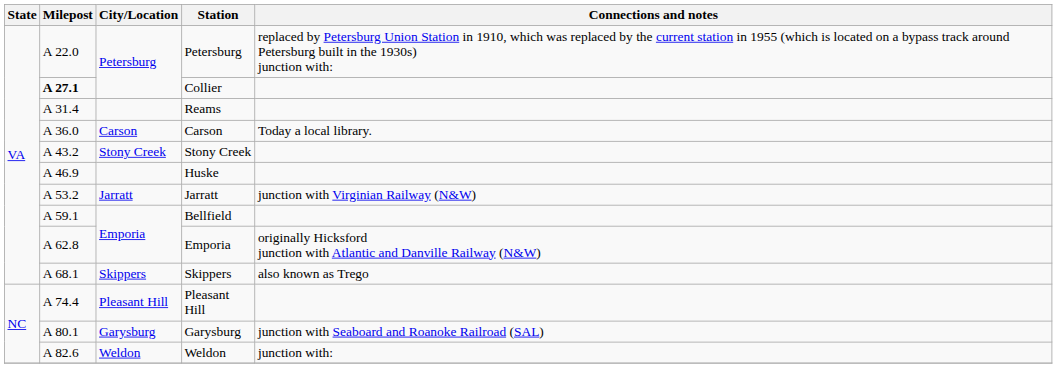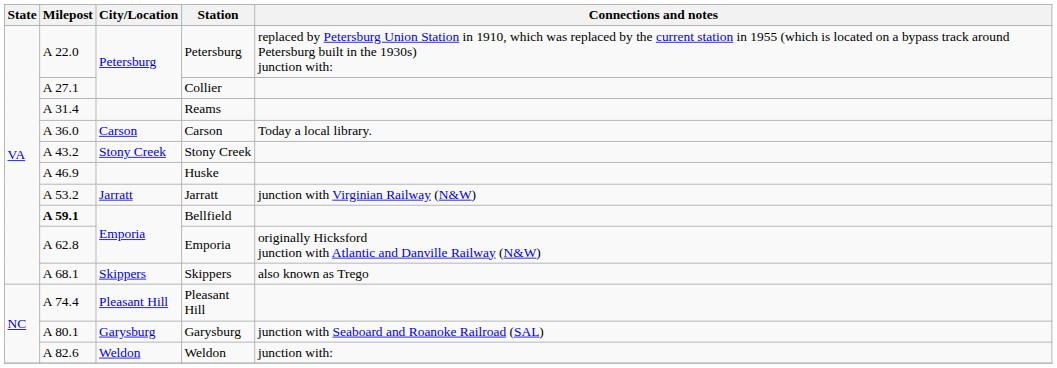 <table class="wikitable">
 <tr>
 <th>State</th>
 <th>Milepost</th>
 <th>City/Location</th>
 <th>Station</th>
 <th>Connections and notes</th>
 </tr>
 <tr>
 <td ! rowspan="10"><a href='#'>VA</a></td>
 <td>A 22.0</td>
 <td ! rowspan="2"><a href='#'>Petersburg</a></td>
 <td>Petersburg</td>
 <td>replaced by <a href='#'>Petersburg Union Station</a> in 1910, which was replaced by the <a href='#'>current station</a> in 1955 (which is located on a bypass track around Petersburg built in the 1930s)<br>junction with:</td>
 </tr>
 <tr>
-<td><strong>A 27.1</strong></td>
+<td>A 27.1</td>
 <td>Collier</td>
 <td></td>
 </tr>
 <tr>
 <td>A 31.4</td>
 <td></td>
 <td>Reams</td>
 <td></td>
 </tr>
 <tr>
 <td>A 36.0</td>
 <td><a href='#'>Carson</a></td>
 <td>Carson</td>
 <td>Today a local library.</td>
 </tr>
 <tr>
 <td>A 43.2</td>
 <td><a href='#'>Stony Creek</a></td>
 <td>Stony Creek</td>
 <td></td>
 </tr>
 <tr>
 <td>A 46.9</td>
 <td></td>
 <td>Huske</td>
 <td></td>
 </tr>
 <tr>
 <td>A 53.2</td>
 <td><a href='#'>Jarratt</a></td>
 <td>Jarratt</td>
 <td>junction with <a href='#'>Virginian Railway</a> (<a href='#'>N&W</a>)</td>
 </tr>
 <tr>
-<td>A 59.1</td>
+<td><strong>A 59.1</strong></td>
 <td ! rowspan="2"><a href='#'>Emporia</a></td>
 <td>Bellfield</td>
 <td></td>
 </tr>
 <tr>
 <td>A 62.8</td>
 <td>Emporia</td>
 <td>originally Hicksford<br>junction with <a href='#'>Atlantic and Danville Railway</a> (<a href='#'>N&W</a>)</td>
 </tr>
 <tr>
 <td>A 68.1</td>
 <td><a href='#'>Skippers</a></td>
 <td>Skippers</td>
 <td>also known as Trego</td>
 </tr>
 <tr>
 <td ! rowspan="3"><a href='#'>NC</a></td>
 <td>A 74.4</td>
 <td><a href='#'>Pleasant Hill</a></td>
 <td>Pleasant Hill</td>
 <td></td>
 </tr>
 <tr>
 <td>A 80.1</td>
 <td><a href='#'>Garysburg</a></td>
 <td>Garysburg</td>
 <td>junction with <a href='#'>Seaboard and Roanoke Railroad</a> (<a href='#'>SAL</a>)</td>
 </tr>
 <tr>
 <td>A 82.6</td>
 <td><a href='#'>Weldon</a></td>
 <td>Weldon</td>
 <td>junction with:</td>
 </tr>
 <tr>
 </tr>
 </table>
